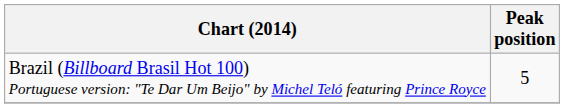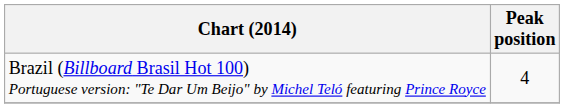 <table class="wikitable">
 <tr>
 <th>Chart (2014)</th>
 <th>Peak<br>position</th>
 </tr>
 <tr>
 <td>Brazil (<a href='#'><em>Billboard</em> Brasil Hot 100</a>)<br><small><em>Portuguese version: "Te Dar Um Beijo" by <a href='#'>Michel Teló</a> featuring <a href='#'>Prince Royce</a></small><br></td>
-<td align="center">5</td>
+<td align="center">4</td>
 </tr>
 <tr>
 </tr>
 </table>
